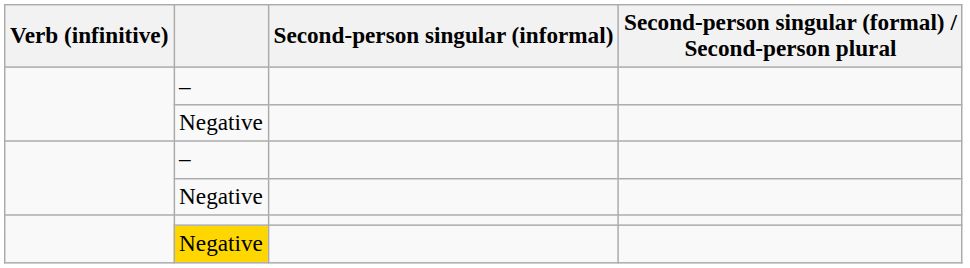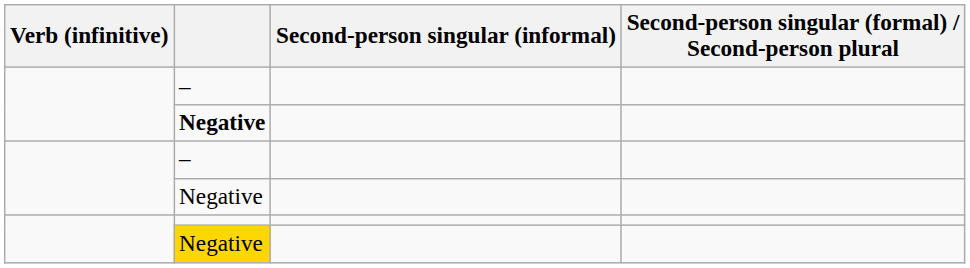 <table class="wikitable">
 <tr>
 <th>Verb (infinitive)</th>
 <th></th>
 <th>Second-person singular (informal)</th>
 <th>Second-person singular (formal) / <br>Second-person plural</th>
 </tr>
 <tr>
 <td rowspan="2"></td>
 <td>–</td>
 <td></td>
 <td></td>
 </tr>
 <tr>
-<td>Negative</td>
+<td><strong>Negative</strong></td>
 <td></td>
 <td></td>
 </tr>
 <tr>
 <td rowspan="2"></td>
 <td>–</td>
 <td></td>
 <td></td>
 </tr>
 <tr>
 <td>Negative</td>
 <td></td>
 <td></td>
 </tr>
 <tr>
 <td rowspan="2"></td>
 <td></td>
 <td></td>
 <td></td>
 </tr>
 <tr>
 <td style="background: gold;">Negative</td>
 <td></td>
 <td></td>
 </tr>
 </table>
